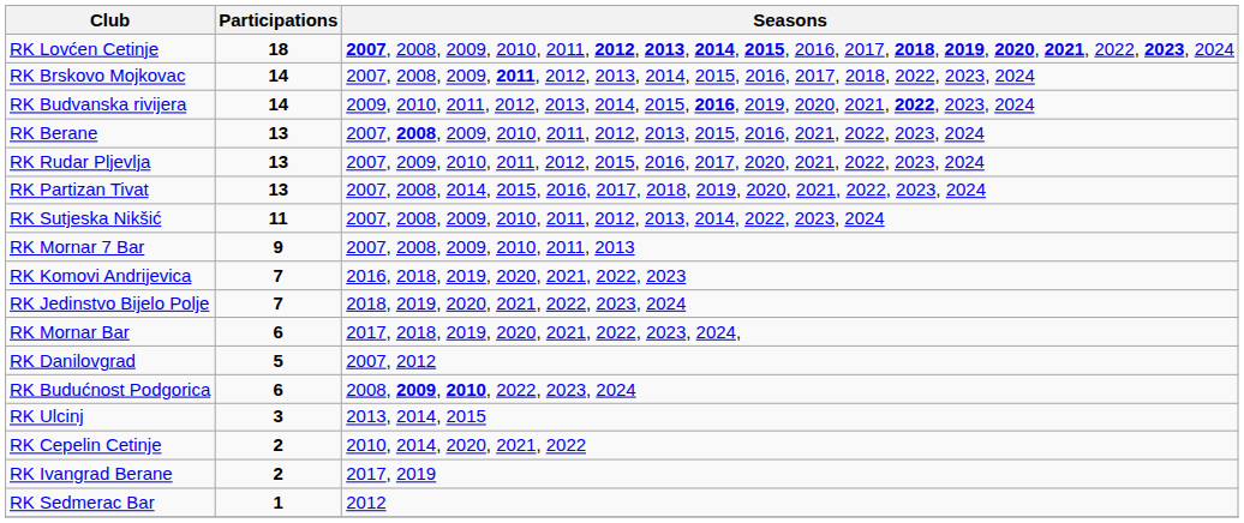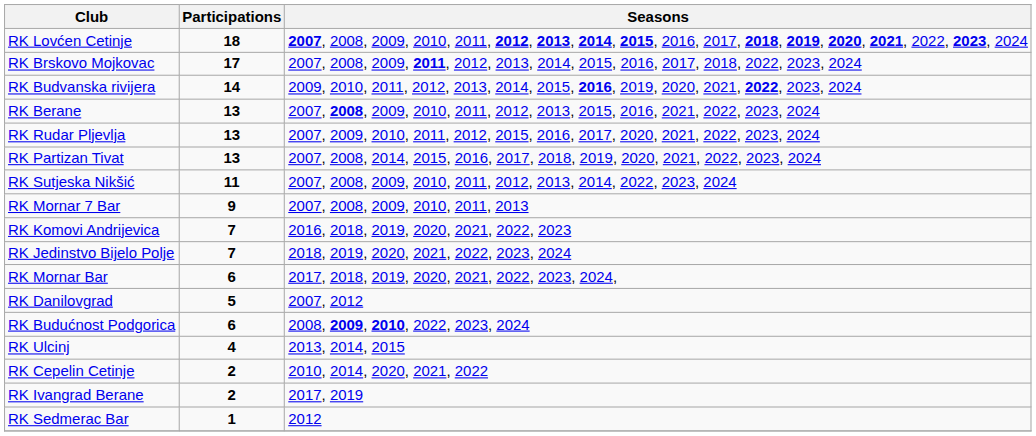 <table class="wikitable" style="font-size:90%">
 <tr>
 <th>Club</th>
 <th>Participations</th>
 <th>Seasons</th>
 </tr>
 <tr>
 <td><a href='#'>RK Lovćen Cetinje</a></td>
 <td align=center><strong>18</strong></td>
 <td><strong><a href='#'>2007</a></strong>, <a href='#'>2008</a>, <a href='#'>2009</a>, <a href='#'>2010</a>, <a href='#'>2011</a>, <strong><a href='#'>2012</a></strong>, <strong><a href='#'>2013</a></strong>, <strong><a href='#'>2014</a></strong>, <strong><a href='#'>2015</a></strong>, <a href='#'>2016</a>, <a href='#'>2017</a>, <strong><a href='#'>2018</a></strong>, <strong><a href='#'>2019</a></strong>, <strong><a href='#'>2020</a></strong>, <strong><a href='#'>2021</a></strong>, <a href='#'>2022</a>, <strong><a href='#'>2023</a></strong>, <a href='#'>2024</a></td>
 </tr>
 <tr>
 <td><a href='#'>RK Brskovo Mojkovac</a></td>
-<td align=center><strong>14</strong></td>
+<td align=center><strong>17</strong></td>
 <td><a href='#'>2007</a>, <a href='#'>2008</a>, <a href='#'>2009</a>, <strong><a href='#'>2011</a></strong>, <a href='#'>2012</a>, <a href='#'>2013</a>, <a href='#'>2014</a>, <a href='#'>2015</a>, <a href='#'>2016</a>, <a href='#'>2017</a>, <a href='#'>2018</a>, <a href='#'>2022</a>, <a href='#'>2023</a>, <a href='#'>2024</a></td>
 </tr>
 <tr>
 <td><a href='#'>RK Budvanska rivijera</a></td>
 <td align=center><strong>14</strong></td>
 <td><a href='#'>2009</a>, <a href='#'>2010</a>, <a href='#'>2011</a>, <a href='#'>2012</a>, <a href='#'>2013</a>, <a href='#'>2014</a>, <a href='#'>2015</a>, <strong><a href='#'>2016</a></strong>, <a href='#'>2019</a>, <a href='#'>2020</a>, <a href='#'>2021</a>, <strong><a href='#'>2022</a></strong>, <a href='#'>2023</a>, <a href='#'>2024</a></td>
 </tr>
 <tr>
 <td><a href='#'>RK Berane</a></td>
 <td align=center><strong>13</strong></td>
 <td><a href='#'>2007</a>, <strong><a href='#'>2008</a></strong>, <a href='#'>2009</a>, <a href='#'>2010</a>, <a href='#'>2011</a>, <a href='#'>2012</a>, <a href='#'>2013</a>, <a href='#'>2015</a>, <a href='#'>2016</a>, <a href='#'>2021</a>, <a href='#'>2022</a>, <a href='#'>2023</a>, <a href='#'>2024</a></td>
 </tr>
 <tr>
 <td><a href='#'>RK Rudar Pljevlja</a></td>
 <td align=center><strong>13</strong></td>
 <td><a href='#'>2007</a>, <a href='#'>2009</a>, <a href='#'>2010</a>, <a href='#'>2011</a>, <a href='#'>2012</a>, <a href='#'>2015</a>, <a href='#'>2016</a>, <a href='#'>2017</a>, <a href='#'>2020</a>, <a href='#'>2021</a>, <a href='#'>2022</a>, <a href='#'>2023</a>, <a href='#'>2024</a></td>
 </tr>
 <tr>
 <td><a href='#'>RK Partizan Tivat</a></td>
 <td align=center><strong>13</strong></td>
 <td><a href='#'>2007</a>, <a href='#'>2008</a>, <a href='#'>2014</a>, <a href='#'>2015</a>, <a href='#'>2016</a>, <a href='#'>2017</a>, <a href='#'>2018</a>, <a href='#'>2019</a>, <a href='#'>2020</a>, <a href='#'>2021</a>, <a href='#'>2022</a>, <a href='#'>2023</a>, <a href='#'>2024</a></td>
 </tr>
 <tr>
 <td><a href='#'>RK Sutjeska Nikšić</a></td>
 <td align=center><strong>11</strong></td>
 <td><a href='#'>2007</a>, <a href='#'>2008</a>, <a href='#'>2009</a>, <a href='#'>2010</a>, <a href='#'>2011</a>, <a href='#'>2012</a>, <a href='#'>2013</a>, <a href='#'>2014</a>, <a href='#'>2022</a>, <a href='#'>2023</a>, <a href='#'>2024</a></td>
 </tr>
 <tr>
 <td><a href='#'>RK Mornar 7 Bar</a></td>
 <td align=center><strong>9</strong></td>
 <td><a href='#'>2007</a>, <a href='#'>2008</a>, <a href='#'>2009</a>, <a href='#'>2010</a>, <a href='#'>2011</a>, <a href='#'>2013</a></td>
 </tr>
 <tr>
 <td><a href='#'>RK Komovi Andrijevica</a></td>
 <td align=center><strong>7</strong></td>
 <td><a href='#'>2016</a>, <a href='#'>2018</a>, <a href='#'>2019</a>, <a href='#'>2020</a>, <a href='#'>2021</a>, <a href='#'>2022</a>, <a href='#'>2023</a></td>
 </tr>
 <tr>
 <td><a href='#'>RK Jedinstvo Bijelo Polje</a></td>
 <td align=center><strong>7</strong></td>
 <td><a href='#'>2018</a>, <a href='#'>2019</a>, <a href='#'>2020</a>, <a href='#'>2021</a>, <a href='#'>2022</a>, <a href='#'>2023</a>, <a href='#'>2024</a></td>
 </tr>
 <tr>
 <td><a href='#'>RK Mornar Bar</a></td>
 <td align=center><strong>6</strong></td>
 <td><a href='#'>2017</a>, <a href='#'>2018</a>, <a href='#'>2019</a>, <a href='#'>2020</a>, <a href='#'>2021</a>, <a href='#'>2022</a>, <a href='#'>2023</a>, <a href='#'>2024</a>,</td>
 </tr>
 <tr>
 <td><a href='#'>RK Danilovgrad</a></td>
 <td align=center><strong>5</strong></td>
 <td><a href='#'>2007</a>, <a href='#'>2012</a></td>
 </tr>
 <tr>
 <td><a href='#'>RK Budućnost Podgorica</a></td>
 <td align=center><strong>6</strong></td>
 <td><a href='#'>2008</a>, <strong><a href='#'>2009</a></strong>, <strong><a href='#'>2010</a></strong>, <a href='#'>2022</a>, <a href='#'>2023</a>, <a href='#'>2024</a></td>
 </tr>
 <tr>
 <td><a href='#'>RK Ulcinj</a></td>
-<td align=center><strong>3</strong></td>
+<td align=center><strong>4</strong></td>
 <td><a href='#'>2013</a>, <a href='#'>2014</a>, <a href='#'>2015</a></td>
 </tr>
 <tr>
 <td><a href='#'>RK Cepelin Cetinje</a></td>
 <td align=center><strong>2</strong></td>
 <td><a href='#'>2010</a>, <a href='#'>2014</a>, <a href='#'>2020</a>, <a href='#'>2021</a>, <a href='#'>2022</a></td>
 </tr>
 <tr>
 <td><a href='#'>RK Ivangrad Berane</a></td>
 <td align=center><strong>2</strong></td>
 <td><a href='#'>2017</a>, <a href='#'>2019</a></td>
 </tr>
 <tr>
 <td><a href='#'>RK Sedmerac Bar</a></td>
 <td align=center><strong>1</strong></td>
 <td><a href='#'>2012</a></td>
 </tr>
 <tr>
 </tr>
 </table>
